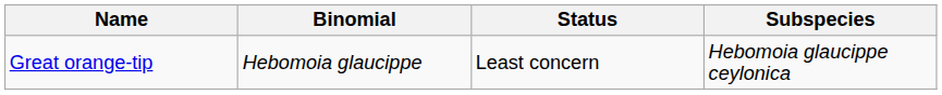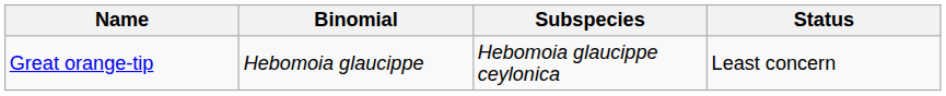 <table width=60% class="wikitable">
 <tr>
 <th width=20%>Name</th>
 <th width=20%>Binomial</th>
+<th width=20%>Subspecies</th>
 <th width=20%>Status</th>
-<th width=20%>Subspecies</th>
 </tr>
 <tr>
 <td><a href='#'>Great orange-tip</a><br> </td>
 <td><em>Hebomoia glaucippe</em></td>
+<td><em>Hebomoia glaucippe ceylonica</em></td>
 <td>Least concern</td>
-<td><em>Hebomoia glaucippe ceylonica</em></td>
 </tr>
 </table>
